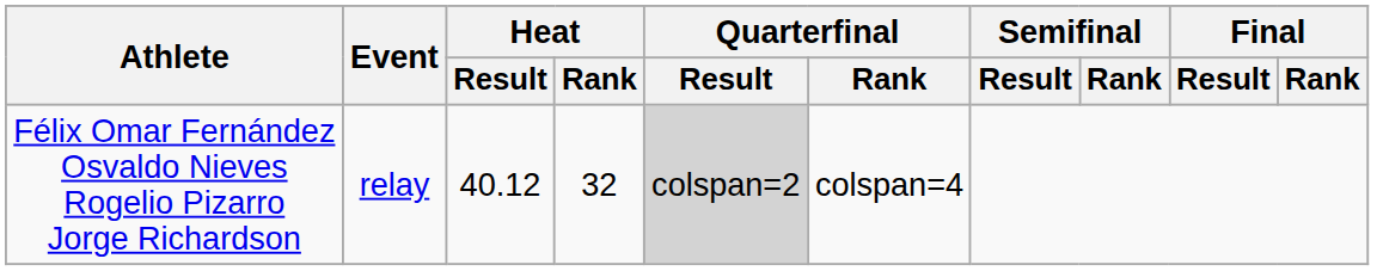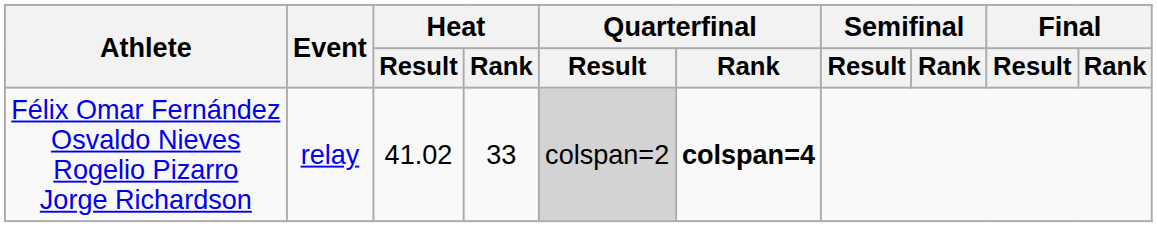 <table class="wikitable" style="font-size:90%">
 <tr>
 <th rowspan="2">Athlete</th>
 <th rowspan="2">Event</th>
 <th colspan="2">Heat</th>
 <th colspan="2">Quarterfinal</th>
 <th colspan="2">Semifinal</th>
 <th colspan="2">Final</th>
 </tr>
 <tr style="font-size:95%">
 <th>Result</th>
 <th>Rank</th>
 <th>Result</th>
 <th>Rank</th>
 <th>Result</th>
 <th>Rank</th>
 <th>Result</th>
 <th>Rank</th>
 </tr>
 <tr align=center>
 <td><a href='#'>Félix Omar Fernández</a><br><a href='#'>Osvaldo Nieves</a><br><a href='#'>Rogelio Pizarro</a><br><a href='#'>Jorge Richardson</a></td>
 <td><a href='#'> relay</a></td>
-<td>40.12</td>
-<td>32</td>
+<td>41.02</td>
+<td>33</td>
 <td style="background: lightgrey;">colspan=2  </td>
-<td>colspan=4  </td>
+<td><strong>colspan=4  </strong></td>
 </tr>
 </table>
